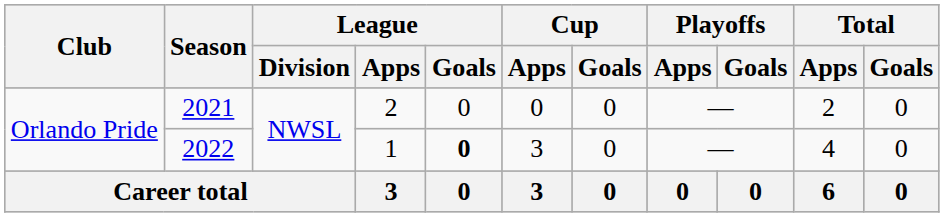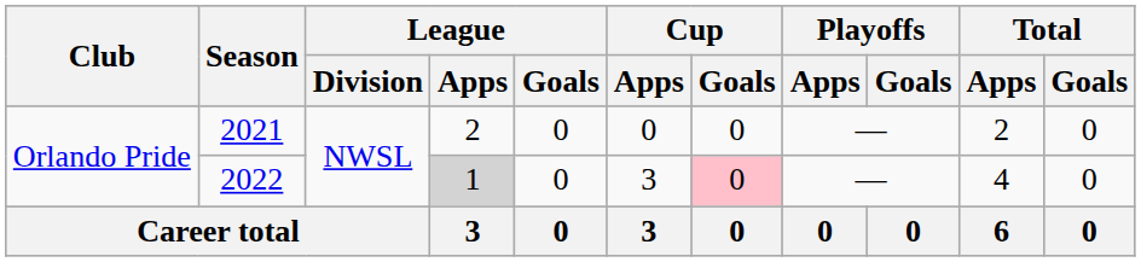 <table class="wikitable" style="text-align: center;">
 <tr>
 <th rowspan="2">Club</th>
 <th rowspan="2">Season</th>
 <th colspan="3">League</th>
 <th colspan="2">Cup</th>
 <th colspan="2">Playoffs</th>
 <th colspan="2">Total</th>
 </tr>
 <tr>
 <th>Division</th>
 <th>Apps</th>
 <th>Goals</th>
 <th>Apps</th>
 <th>Goals</th>
 <th>Apps</th>
 <th>Goals</th>
 <th>Apps</th>
 <th>Goals</th>
 </tr>
 <tr>
 <td rowspan=2><a href='#'>Orlando Pride</a></td>
 <td><a href='#'>2021</a></td>
 <td rowspan=2><a href='#'>NWSL</a></td>
 <td>2</td>
 <td>0</td>
 <td>0</td>
 <td>0</td>
 <td colspan="2">—</td>
 <td>2</td>
 <td>0</td>
 </tr>
 <tr>
 <td><a href='#'>2022</a></td>
-<td>1</td>
-<td><strong>0</strong></td>
+<td style="background: lightgrey;">1</td>
+<td>0</td>
 <td>3</td>
-<td>0</td>
+<td style="background: pink;">0</td>
 <td colspan="2">—</td>
 <td>4</td>
 <td>0</td>
 </tr>
 <tr>
 <th colspan="3">Career total</th>
 <th>3</th>
 <th>0</th>
 <th>3</th>
 <th>0</th>
 <th>0</th>
 <th>0</th>
 <th>6</th>
 <th>0</th>
 </tr>
 </table>
